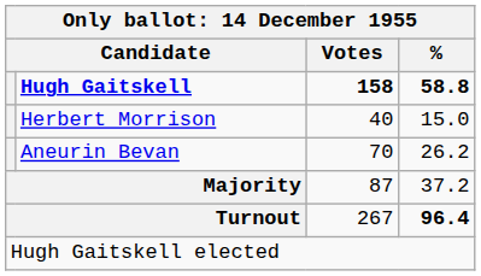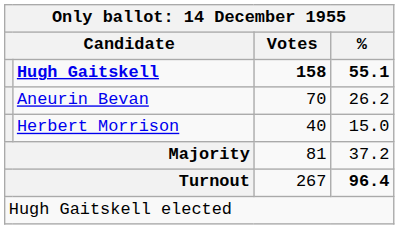 <table class="wikitable" style="font-size:95%;">
 <tr>
 <th colspan="4">Only ballot: 14 December 1955</th>
 </tr>
 <tr>
 <th colspan="2" style="width: 170px">Candidate</th>
 <th style="width: 50px">Votes</th>
 <th style="width: 40px">%</th>
 </tr>
 <tr>
 <th style="background-color: "></th>
 <td style="width: 170px"><strong><a href='#'>Hugh Gaitskell</a></strong></td>
 <td align="right"><strong>158</strong></td>
-<td align="right"><strong>58.8</strong></td>
+<td align="right"><strong>55.1</strong></td>
+</tr>
+<tr>
+<th style="background-color: "></th>
+<td style="width: 170px"><a href='#'>Aneurin Bevan</a></td>
+<td align="right">70</td>
+<td align="right">26.2</td>
 </tr>
 <tr>
 <th style="background-color: "></th>
 <td style="width: 170px"><a href='#'>Herbert Morrison</a></td>
 <td align="right">40</td>
 <td align="right">15.0</td>
 </tr>
 <tr>
-<th style="background-color: "></th>
-<td style="width: 170px"><a href='#'>Aneurin Bevan</a></td>
-<td align="right">70</td>
-<td align="right">26.2</td>
-</tr>
-<tr>
 <th colspan="2" style="text-align:right">Majority</th>
-<td align="right">87</td>
+<td align="right">81</td>
 <td align="right">37.2</td>
 </tr>
 <tr>
 <th colspan="2" style="text-align:right">Turnout</th>
 <td align="right">267</td>
 <td align="right"><strong>96.4</strong></td>
 </tr>
 <tr>
 <td colspan="4">Hugh Gaitskell elected</td>
 </tr>
 </table>
